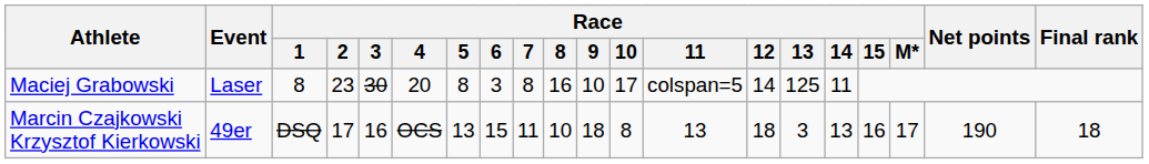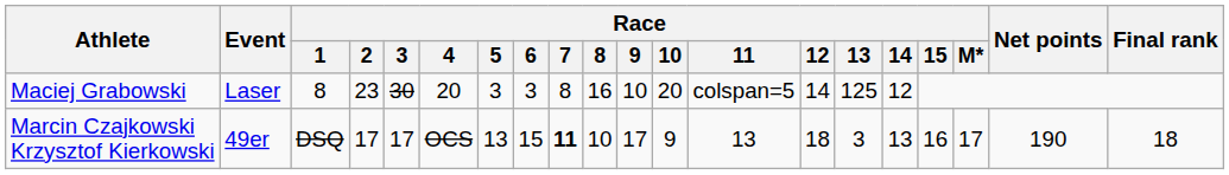 <table class="wikitable" style="font-size:90%">
 <tr>
 <th rowspan=2>Athlete</th>
 <th rowspan=2>Event</th>
 <th colspan=16>Race</th>
 <th rowspan=2>Net points</th>
 <th rowspan=2>Final rank</th>
 </tr>
 <tr style="font-size:95%">
 <th>1</th>
 <th>2</th>
 <th>3</th>
 <th>4</th>
 <th>5</th>
 <th>6</th>
 <th>7</th>
 <th>8</th>
 <th>9</th>
 <th>10</th>
 <th>11</th>
 <th>12</th>
 <th>13</th>
 <th>14</th>
 <th>15</th>
 <th>M*</th>
 </tr>
 <tr align=center>
 <td align=left><a href='#'>Maciej Grabowski</a></td>
 <td align=left><a href='#'>Laser</a></td>
 <td>8</td>
 <td>23</td>
 <td><s>30</s></td>
 <td>20</td>
-<td>8</td>
+<td>3</td>
 <td>3</td>
 <td>8</td>
 <td>16</td>
 <td>10</td>
-<td>17</td>
+<td>20</td>
 <td>colspan=5 </td>
 <td>14</td>
 <td>125</td>
-<td>11</td>
+<td>12</td>
 </tr>
 <tr align=center>
 <td align=left><a href='#'>Marcin Czajkowski</a><br><a href='#'>Krzysztof Kierkowski</a></td>
 <td align=left><a href='#'>49er</a></td>
 <td><s>DSQ</s></td>
 <td>17</td>
-<td>16</td>
+<td>17</td>
 <td><s>OCS</s></td>
 <td>13</td>
 <td>15</td>
-<td>11</td>
+<td><strong>11</strong></td>
 <td>10</td>
-<td>18</td>
-<td>8</td>
+<td>17</td>
+<td>9</td>
 <td>13</td>
 <td>18</td>
 <td>3</td>
 <td>13</td>
 <td>16</td>
 <td>17</td>
 <td>190</td>
 <td>18</td>
 </tr>
 </table>
